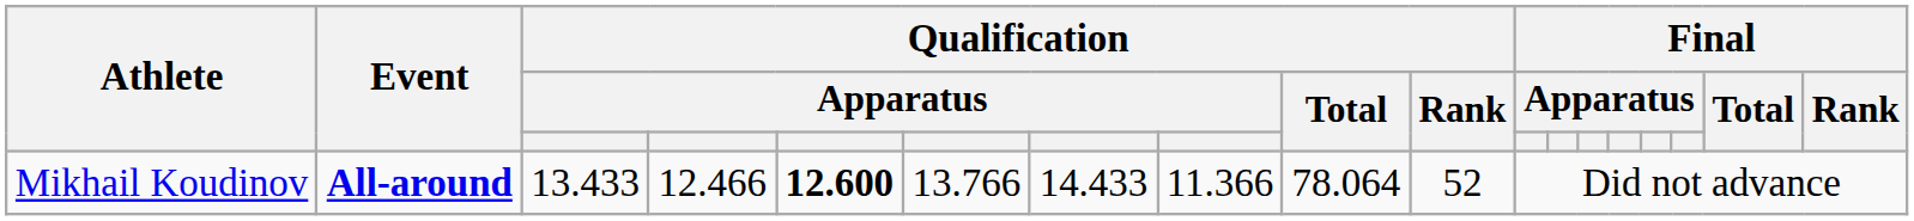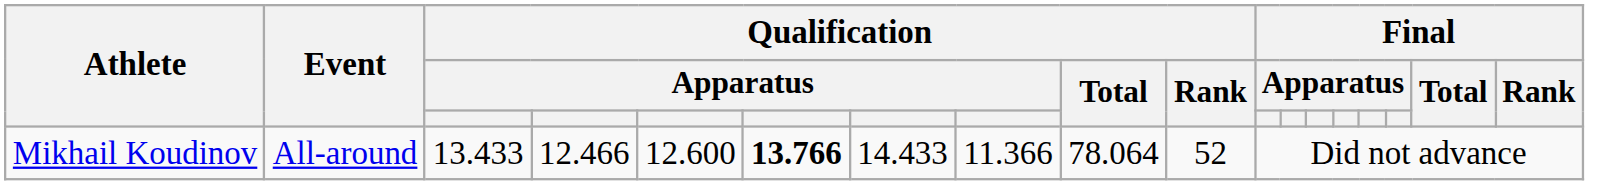 <table class=wikitable style=font-size:90%>
 <tr>
 <th rowspan=3>Athlete</th>
 <th rowspan=3>Event</th>
 <th colspan=8>Qualification</th>
 <th colspan=8>Final</th>
 </tr>
 <tr style=font-size:95%>
 <th colspan=6>Apparatus</th>
 <th rowspan=2>Total</th>
 <th rowspan=2>Rank</th>
 <th colspan=6>Apparatus</th>
 <th rowspan=2>Total</th>
 <th rowspan=2>Rank</th>
 </tr>
 <tr style=font-size:95%>
 <th></th>
 <th></th>
 <th></th>
 <th></th>
 <th></th>
 <th></th>
 <th></th>
 <th></th>
 <th></th>
 <th></th>
 <th></th>
 <th></th>
 </tr>
 <tr align=center>
 <td align=left><a href='#'>Mikhail Koudinov</a></td>
-<td align=left><strong><a href='#'>All-around</a></strong></td>
+<td align=left><a href='#'>All-around</a></td>
 <td>13.433</td>
 <td>12.466</td>
-<td><strong>12.600</strong></td>
-<td>13.766</td>
+<td>12.600</td>
+<td><strong>13.766</strong></td>
 <td>14.433</td>
 <td>11.366</td>
 <td>78.064</td>
 <td>52</td>
 <td colspan="8">Did not advance</td>
 </tr>
 </table>
